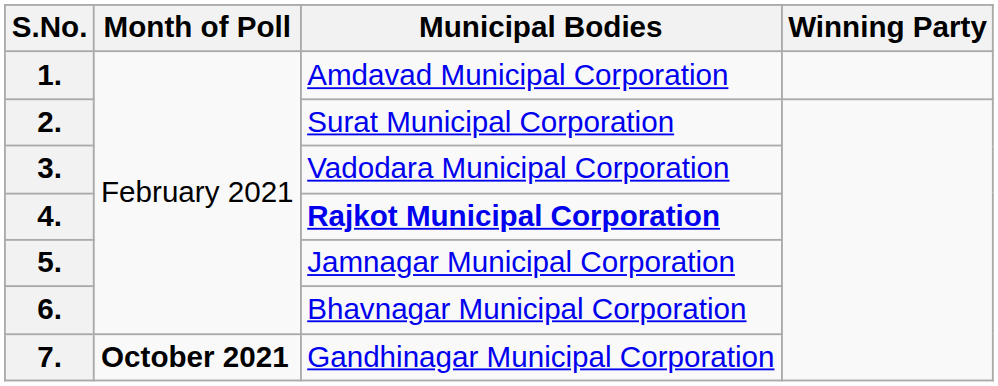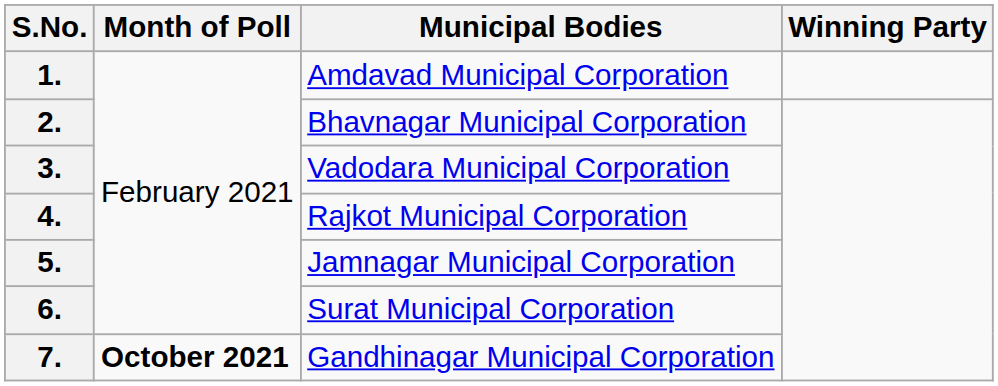 <table class="wikitable sortable">
 <tr>
 <th>S.No.</th>
 <th>Month of Poll</th>
 <th>Municipal Bodies</th>
 <th colspan=2>Winning Party</th>
 </tr>
 <tr>
 <th>1.</th>
 <td rowspan="6">February 2021</td>
 <td><a href='#'>Amdavad Municipal Corporation</a></td>
 <td></td>
 </tr>
 <tr>
 <th>2.</th>
-<td><a href='#'>Surat Municipal Corporation</a></td>
+<td><a href='#'>Bhavnagar Municipal Corporation</a></td>
 </tr>
 <tr>
 <th>3.</th>
 <td><a href='#'>Vadodara Municipal Corporation</a></td>
 </tr>
 <tr>
 <th>4.</th>
-<td><strong><a href='#'>Rajkot Municipal Corporation</a></strong></td>
+<td><a href='#'>Rajkot Municipal Corporation</a></td>
 </tr>
 <tr>
 <th>5.</th>
 <td><a href='#'>Jamnagar Municipal Corporation</a></td>
 </tr>
 <tr>
 <th>6.</th>
-<td><a href='#'>Bhavnagar Municipal Corporation</a></td>
+<td><a href='#'>Surat Municipal Corporation</a></td>
 </tr>
 <tr>
 <th>7.</th>
 <td><strong>October 2021</strong></td>
 <td><a href='#'>Gandhinagar Municipal Corporation</a></td>
 </tr>
 </table>
